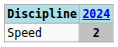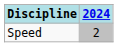 <table class="wikitable" style="text-align: center;">
 <tr>
 <th style="background: #b0e0e6;">Discipline</th>
 <th style="background: #b0e0e6;"><a href='#'>2024</a></th>
 </tr>
 <tr>
 <td align="left">Speed</td>
-<td style="background: Silver;"><strong>2</strong></td>
+<td style="background: Silver;">2</td>
 </tr>
 </table>
